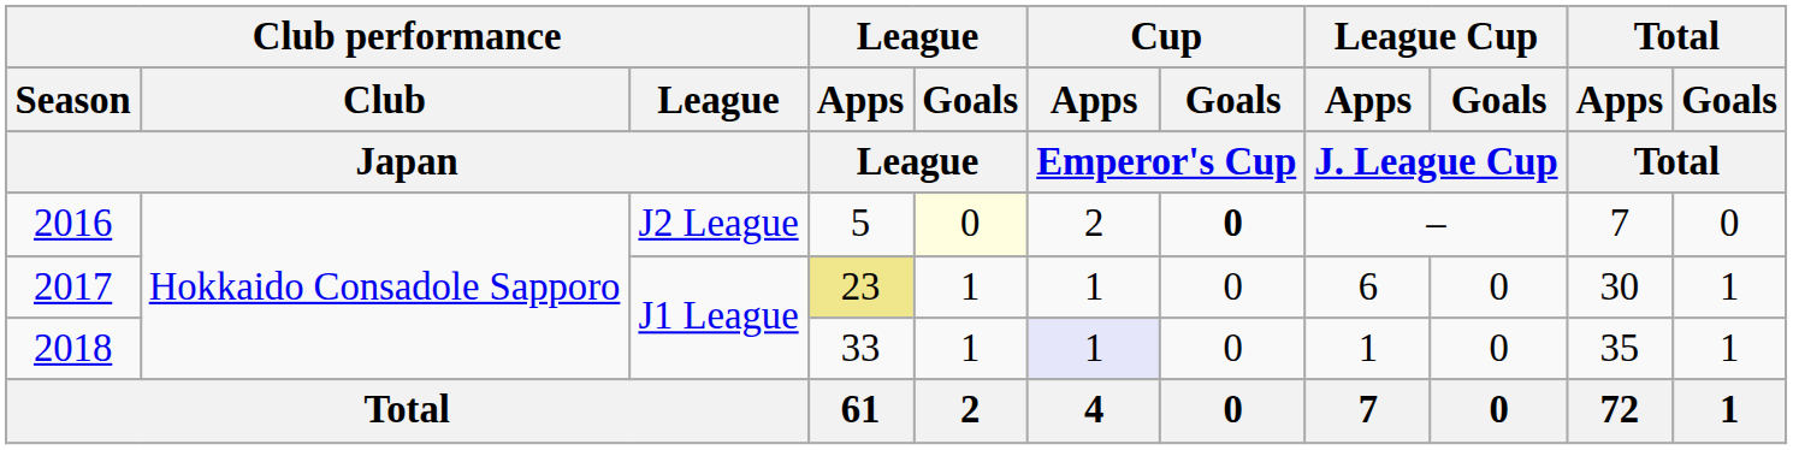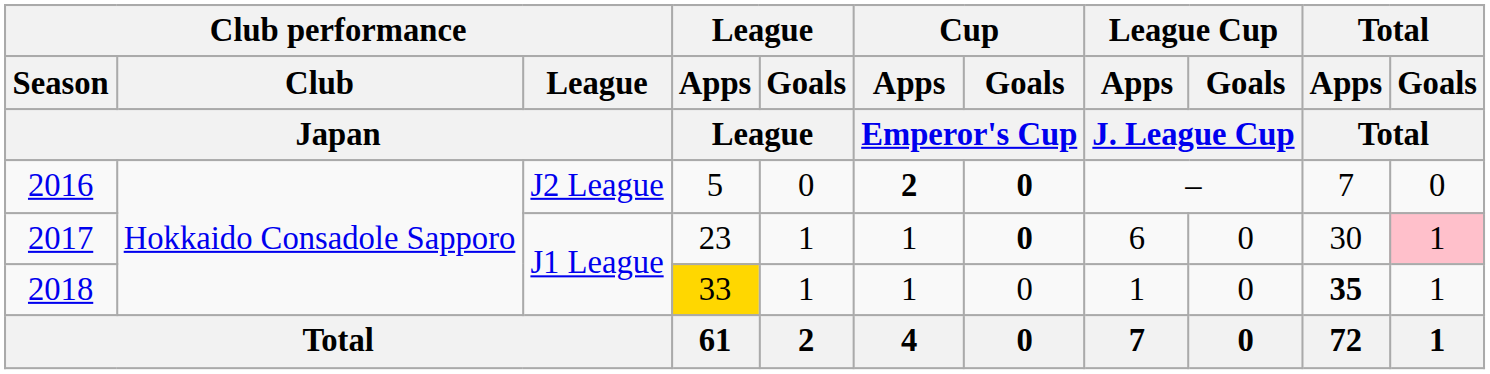 <table class="wikitable" style="text-align:center;">
 <tr>
 <th colspan=3>Club performance</th>
 <th colspan=2>League</th>
 <th colspan=2>Cup</th>
 <th colspan=2>League Cup</th>
 <th colspan=2>Total</th>
 </tr>
 <tr>
 <th>Season</th>
 <th>Club</th>
 <th>League</th>
 <th>Apps</th>
 <th>Goals</th>
 <th>Apps</th>
 <th>Goals</th>
 <th>Apps</th>
 <th>Goals</th>
 <th>Apps</th>
 <th>Goals</th>
 </tr>
 <tr>
 <th colspan=3>Japan</th>
 <th colspan=2>League</th>
 <th colspan=2><a href='#'>Emperor's Cup</a></th>
 <th colspan=2><a href='#'>J. League Cup</a></th>
 <th colspan=2>Total</th>
 </tr>
 <tr>
 <td><a href='#'>2016</a></td>
 <td rowspan="3"><a href='#'>Hokkaido Consadole Sapporo</a></td>
 <td><a href='#'>J2 League</a></td>
 <td>5</td>
-<td style="background: lightyellow;">0</td>
-<td>2</td>
+<td>0</td>
+<td><strong>2</strong></td>
 <td><strong>0</strong></td>
 <td colspan="2">–</td>
 <td>7</td>
 <td>0</td>
 </tr>
 <tr>
 <td><a href='#'>2017</a></td>
 <td rowspan="2"><a href='#'>J1 League</a></td>
-<td style="background: khaki;">23</td>
+<td>23</td>
+<td>1</td>
+<td>1</td>
+<td><strong>0</strong></td>
+<td>6</td>
+<td>0</td>
+<td>30</td>
+<td style="background: pink;">1</td>
+</tr>
+<tr>
+<td><a href='#'>2018</a></td>
+<td style="background: gold;">33</td>
 <td>1</td>
 <td>1</td>
 <td>0</td>
-<td>6</td>
-<td>0</td>
-<td>30</td>
-<td>1</td>
-</tr>
-<tr>
-<td><a href='#'>2018</a></td>
-<td>33</td>
-<td>1</td>
-<td style="background: lavender;">1</td>
-<td>0</td>
 <td>1</td>
 <td>0</td>
-<td>35</td>
+<td><strong>35</strong></td>
 <td>1</td>
 </tr>
 <tr>
 <th colspan=3>Total</th>
 <th>61</th>
 <th>2</th>
 <th>4</th>
 <th>0</th>
 <th>7</th>
 <th>0</th>
 <th>72</th>
 <th>1</th>
 </tr>
 </table>
